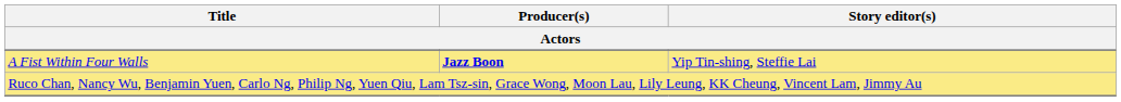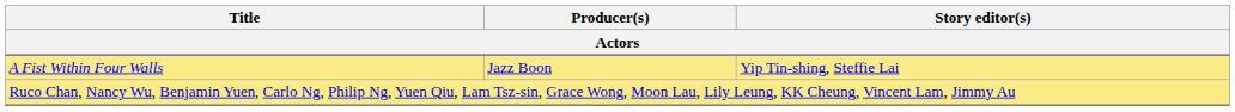 <table class="wikitable" border="1" width="100%">
 <tr style="background:#bebebe">
 <th>Title</th>
 <th>Producer(s)</th>
 <th>Story editor(s)</th>
 </tr>
 <tr style="background:#bebebe">
 <th colspan="3" style="border-bottom:2px solid grey">Actors</th>
 </tr>
 <tr style="background:#FAEB86">
 <td><em><a href='#'>A Fist Within Four Walls</a></em></td>
-<td><strong><a href='#'>Jazz Boon</a></strong></td>
+<td><a href='#'>Jazz Boon</a></td>
 <td><a href='#'>Yip Tin-shing</a>, <a href='#'>Steffie Lai</a></td>
 </tr>
 <tr style="background:#FAEB86">
 <td colspan="3" style="border-bottom:2px solid grey"><a href='#'>Ruco Chan</a>, <a href='#'>Nancy Wu</a>, <a href='#'>Benjamin Yuen</a>, <a href='#'>Carlo Ng</a>, <a href='#'>Philip Ng</a>, <a href='#'>Yuen Qiu</a>, <a href='#'>Lam Tsz-sin</a>, <a href='#'>Grace Wong</a>, <a href='#'>Moon Lau</a>, <a href='#'>Lily Leung</a>, <a href='#'>KK Cheung</a>, <a href='#'>Vincent Lam</a>, <a href='#'>Jimmy Au</a></td>
 </tr>
 </table>
